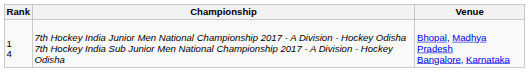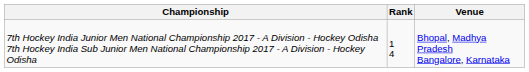 <table class="wikitable" style="text-align: left;">
 <tr>
+<th>Championship</th>
 <th>Rank</th>
-<th>Championship</th>
 <th>Venue</th>
 </tr>
 <tr>
+<td><br><em>7th Hockey India Junior Men National Championship 2017 - A Division - Hockey Odisha</em> <br> <em>7th Hockey India Sub Junior Men National Championship 2017 - A Division - Hockey Odisha</em> <br></td>
 <td><div><br>1 <br> 4</div></td>
-<td><br><em>7th Hockey India Junior Men National Championship 2017 - A Division - Hockey Odisha</em> <br> <em>7th Hockey India Sub Junior Men National Championship 2017 - A Division - Hockey Odisha</em> <br></td>
 <td><br><a href='#'>Bhopal</a>, <a href='#'>Madhya Pradesh</a><br> <a href='#'>Bangalore</a>, <a href='#'>Karnataka</a></td>
 </tr>
 </table>
